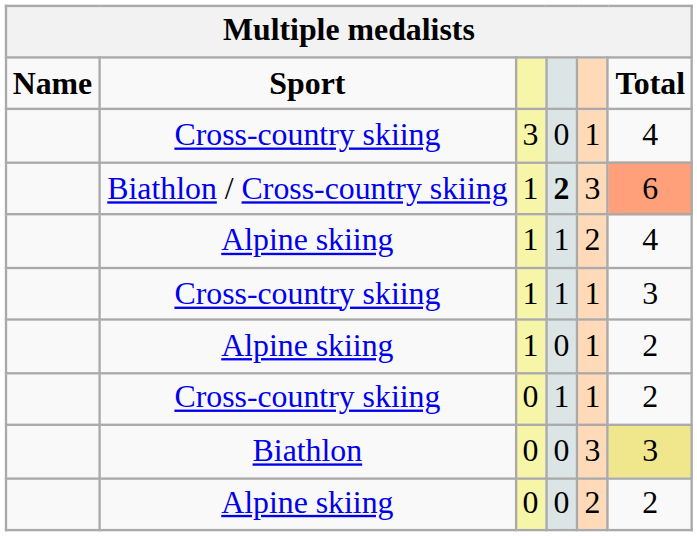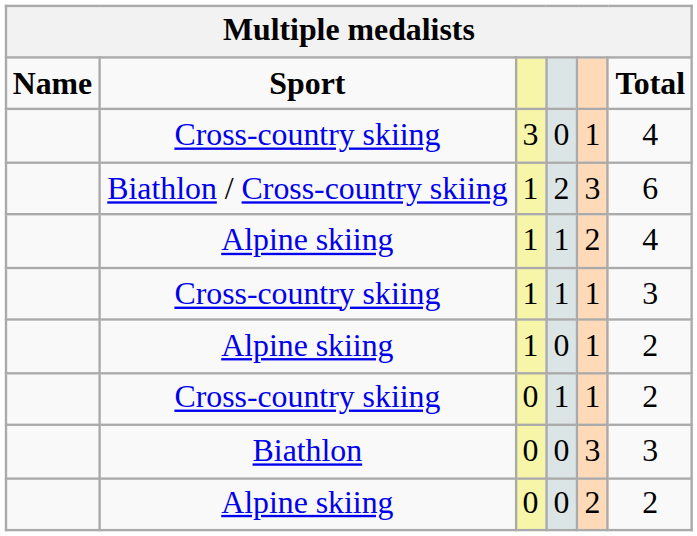 <table class="wikitable" style="font-size:85%; float:right;clear:right;margin-left:1em;">
 <tr style="background:#efefef;">
 <th colspan=7>Multiple medalists</th>
 </tr>
 <tr align=center>
 <td><strong>Name</strong></td>
 <td><strong>Sport</strong></td>
 <td style="background:#f7f6a8;"></td>
 <td style="background:#dce5e5;"></td>
 <td style="background:#ffdab9;"></td>
 <td><strong>Total</strong></td>
 </tr>
 <tr align=center>
 <td></td>
 <td><a href='#'>Cross-country skiing</a></td>
 <td style="background:#f7f6a8;">3</td>
 <td style="background:#dce5e5;">0</td>
 <td style="background:#ffdab9;">1</td>
 <td>4</td>
 </tr>
 <tr align=center>
 <td></td>
 <td><a href='#'>Biathlon</a> / <a href='#'>Cross-country skiing</a></td>
 <td style="background:#f7f6a8;">1</td>
-<td style="background:#dce5e5;"><strong>2</strong></td>
+<td style="background:#dce5e5;">2</td>
 <td style="background:#ffdab9;">3</td>
-<td style="background: lightsalmon;">6</td>
+<td>6</td>
 </tr>
 <tr align=center>
 <td></td>
 <td><a href='#'>Alpine skiing</a></td>
 <td style="background:#f7f6a8;">1</td>
 <td style="background:#dce5e5;">1</td>
 <td style="background:#ffdab9;">2</td>
 <td>4</td>
 </tr>
 <tr align=center>
 <td></td>
 <td><a href='#'>Cross-country skiing</a></td>
 <td style="background:#f7f6a8;">1</td>
 <td style="background:#dce5e5;">1</td>
 <td style="background:#ffdab9;">1</td>
 <td>3</td>
 </tr>
 <tr align=center>
 <td></td>
 <td><a href='#'>Alpine skiing</a></td>
 <td style="background:#f7f6a8;">1</td>
 <td style="background:#dce5e5;">0</td>
 <td style="background:#ffdab9;">1</td>
 <td>2</td>
 </tr>
 <tr align=center>
 <td></td>
 <td><a href='#'>Cross-country skiing</a></td>
 <td style="background:#f7f6a8;">0</td>
 <td style="background:#dce5e5;">1</td>
 <td style="background:#ffdab9;">1</td>
 <td>2</td>
 </tr>
 <tr align=center>
 <td></td>
 <td><a href='#'>Biathlon</a></td>
 <td style="background:#f7f6a8;">0</td>
 <td style="background:#dce5e5;">0</td>
 <td style="background:#ffdab9;">3</td>
-<td style="background: khaki;">3</td>
+<td>3</td>
 </tr>
 <tr align=center>
 <td></td>
 <td><a href='#'>Alpine skiing</a></td>
 <td style="background:#f7f6a8;">0</td>
 <td style="background:#dce5e5;">0</td>
 <td style="background:#ffdab9;">2</td>
 <td>2</td>
 </tr>
 </table>
